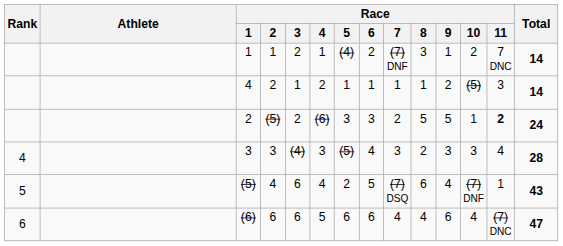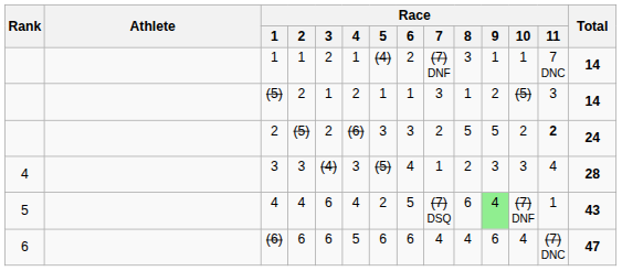 <table | class="wikitable" style="text-align:center">
 <tr>
 <th rowspan="2" width=40>Rank</th>
 <th rowspan="2" width=250>Athlete</th>
 <th colspan="11">Race</th>
 <th rowspan="2" width=50>Total</th>
 </tr>
 <tr>
 <th width=25>1</th>
 <th width=25>2</th>
 <th width=25>3</th>
 <th width=25>4</th>
 <th width=25>5</th>
 <th width=25>6</th>
 <th width=25>7</th>
 <th width=25>8</th>
 <th width=25>9</th>
 <th width=25>10</th>
 <th width=25>11</th>
 </tr>
 <tr>
 <td></td>
 <td align=left></td>
 <td>1<br> </td>
 <td>1<br> </td>
 <td>2<br> </td>
 <td>1<br> </td>
 <td><s>(4)</s><br> </td>
 <td>2<br> </td>
 <td><s>(7)</s><br><small>DNF</small></td>
 <td>3<br> </td>
 <td>1<br> </td>
-<td>2<br> </td>
+<td>1<br> </td>
 <td>7<br><small>DNC</small></td>
 <td><strong>14</strong></td>
 </tr>
 <tr>
 <td></td>
 <td align=left></td>
-<td>4<br> </td>
+<td><s>(5)</s><br> </td>
 <td>2<br> </td>
 <td>1<br> </td>
 <td>2<br> </td>
 <td>1<br> </td>
 <td>1<br> </td>
-<td>1<br> </td>
+<td>3<br> </td>
 <td>1<br> </td>
 <td>2<br> </td>
 <td><s>(5)</s><br> </td>
 <td>3<br> </td>
 <td><strong>14</strong></td>
 </tr>
 <tr>
 <td></td>
 <td align=left></td>
 <td>2<br> </td>
 <td><s>(5)</s><br> </td>
 <td>2<br> </td>
 <td><s>(6)</s><br> </td>
 <td>3<br> </td>
 <td>3<br> </td>
 <td>2<br> </td>
 <td>5<br> </td>
 <td>5<br> </td>
-<td>1<br> </td>
+<td>2<br> </td>
 <td><strong>2<br> </strong></td>
 <td><strong>24</strong></td>
 </tr>
 <tr>
 <td>4</td>
 <td align=left></td>
 <td>3<br> </td>
 <td>3<br> </td>
 <td><s>(4)</s><br> </td>
 <td>3<br> </td>
 <td><s>(5)</s><br> </td>
 <td>4<br> </td>
-<td>3<br> </td>
+<td>1<br> </td>
 <td>2<br> </td>
 <td>3<br> </td>
 <td>3<br> </td>
 <td>4<br> </td>
 <td><strong>28</strong></td>
 </tr>
 <tr>
 <td>5</td>
 <td align=left></td>
-<td><s>(5)</s><br> </td>
+<td>4<br> </td>
 <td>4<br> </td>
 <td>6<br> </td>
 <td>4<br> </td>
 <td>2<br> </td>
 <td>5<br> </td>
 <td><s>(7)</s><br><small>DSQ</small></td>
 <td>6<br> </td>
-<td>4<br> </td>
+<td style="background: lightgreen;">4<br> </td>
 <td><s>(7)</s><br><small>DNF</small></td>
 <td>1<br> </td>
 <td><strong>43</strong></td>
 </tr>
 <tr>
 <td>6</td>
 <td align=left></td>
 <td><s>(6)</s><br> </td>
 <td>6<br> </td>
 <td>6<br> </td>
 <td>5<br> </td>
 <td>6<br> </td>
 <td>6<br> </td>
 <td>4<br> </td>
 <td>4<br> </td>
 <td>6<br> </td>
 <td>4<br> </td>
 <td><s>(7)</s><br><small>DNC</small></td>
 <td><strong>47</strong></td>
 </tr>
 </table>
